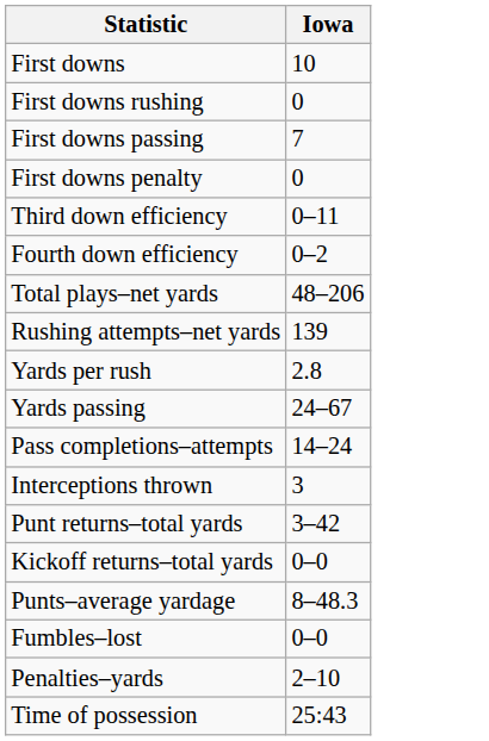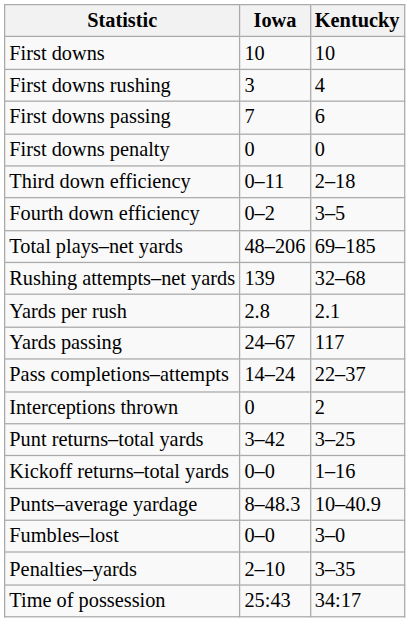 <table class="wikitable">
 <tr>
 <th>Statistic</th>
 <th><strong>Iowa</strong></th>
+<th><strong>Kentucky</strong></th>
 </tr>
 <tr>
 <td>First downs</td>
 <td>10</td>
+<td>10</td>
 </tr>
 <tr>
 <td>First downs rushing</td>
-<td>0</td>
+<td>3</td>
+<td>4</td>
 </tr>
 <tr>
 <td>First downs passing</td>
 <td>7</td>
+<td>6</td>
 </tr>
 <tr>
 <td>First downs penalty</td>
+<td>0</td>
 <td>0</td>
 </tr>
 <tr>
 <td>Third down efficiency</td>
 <td>0–11</td>
+<td>2–18</td>
 </tr>
 <tr>
 <td>Fourth down efficiency</td>
 <td>0–2</td>
+<td>3–5</td>
 </tr>
 <tr>
 <td>Total plays–net yards</td>
 <td>48–206</td>
+<td>69–185</td>
 </tr>
 <tr>
 <td>Rushing attempts–net yards</td>
 <td>139</td>
+<td>32–68</td>
 </tr>
 <tr>
 <td>Yards per rush</td>
 <td>2.8</td>
+<td>2.1</td>
 </tr>
 <tr>
 <td>Yards passing</td>
 <td>24–67</td>
+<td>117</td>
 </tr>
 <tr>
 <td>Pass completions–attempts</td>
 <td>14–24</td>
+<td>22–37</td>
 </tr>
 <tr>
 <td>Interceptions thrown</td>
-<td>3</td>
+<td>0</td>
+<td>2</td>
 </tr>
 <tr>
 <td>Punt returns–total yards</td>
 <td>3–42</td>
+<td>3–25</td>
 </tr>
 <tr>
 <td>Kickoff returns–total yards</td>
 <td>0–0</td>
+<td>1–16</td>
 </tr>
 <tr>
 <td>Punts–average yardage</td>
 <td>8–48.3</td>
+<td>10–40.9</td>
 </tr>
 <tr>
 <td>Fumbles–lost</td>
 <td>0–0</td>
+<td>3–0</td>
 </tr>
 <tr>
 <td>Penalties–yards</td>
 <td>2–10</td>
+<td>3–35</td>
 </tr>
 <tr>
 <td>Time of possession</td>
 <td>25:43</td>
+<td>34:17</td>
 </tr>
 </table>
